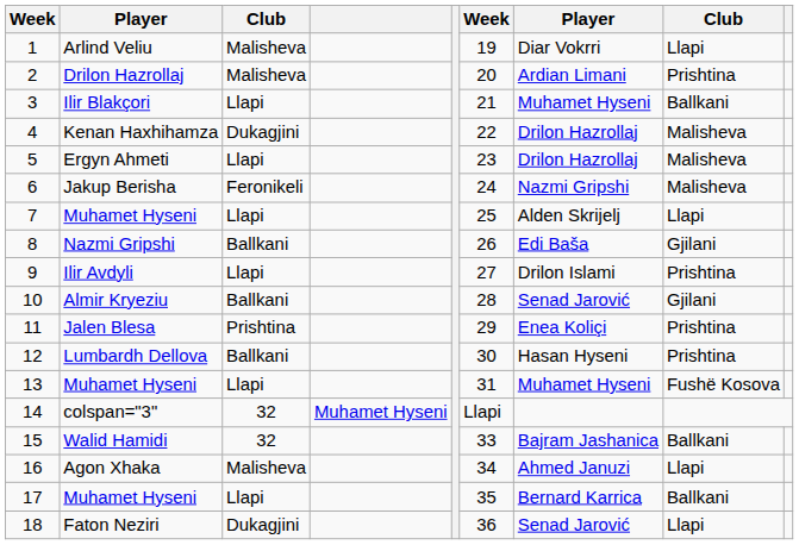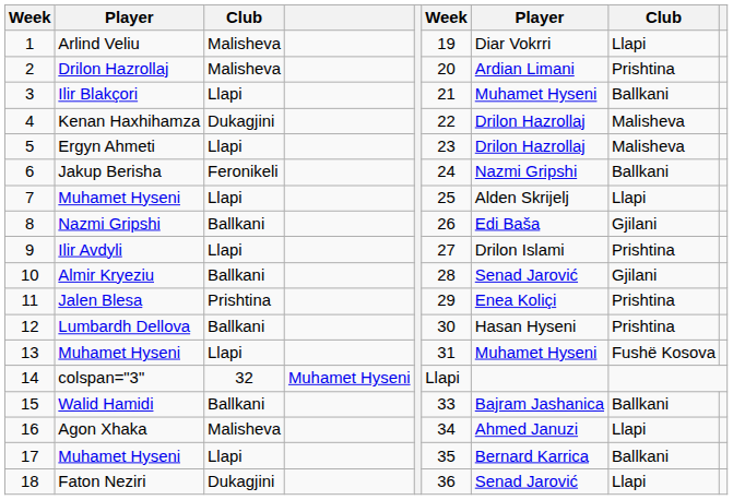 <table class="wikitable">
 <tr>
 <th>Week</th>
 <th>Player</th>
 <th>Club</th>
 <th></th>
 <th rowspan="19"></th>
 <th>Week</th>
 <th>Player</th>
 <th>Club</th>
 <th></th>
 </tr>
 <tr>
 <td align="center">1</td>
 <td> Arlind Veliu</td>
 <td>Malisheva</td>
 <td align="center"></td>
 <td align="center">19</td>
 <td> Diar Vokrri</td>
 <td>Llapi</td>
 <td align="center"></td>
 </tr>
 <tr>
 <td align="center">2</td>
 <td> <a href='#'>Drilon Hazrollaj</a></td>
 <td>Malisheva</td>
 <td align="center"></td>
 <td align="center">20</td>
 <td> <a href='#'>Ardian Limani</a></td>
 <td>Prishtina</td>
 <td align="center"></td>
 </tr>
 <tr>
 <td align="center">3</td>
 <td> <a href='#'>Ilir Blakçori</a></td>
 <td>Llapi</td>
 <td align="center"></td>
 <td align="center">21</td>
 <td> <a href='#'>Muhamet Hyseni</a></td>
 <td>Ballkani</td>
 <td align="center"></td>
 </tr>
 <tr>
 <td align="center">4</td>
 <td> Kenan Haxhihamza</td>
 <td>Dukagjini</td>
 <td align="center"></td>
 <td align="center">22</td>
 <td> <a href='#'>Drilon Hazrollaj</a></td>
 <td>Malisheva</td>
 <td align="center"></td>
 </tr>
 <tr>
 <td align="center">5</td>
 <td> Ergyn Ahmeti</td>
 <td>Llapi</td>
 <td align="center"></td>
 <td align="center">23</td>
 <td> <a href='#'>Drilon Hazrollaj</a></td>
 <td>Malisheva</td>
 <td align="center"></td>
 </tr>
 <tr>
 <td align="center">6</td>
 <td> Jakup Berisha</td>
 <td>Feronikeli</td>
 <td align="center"></td>
 <td align="center">24</td>
 <td> <a href='#'>Nazmi Gripshi</a></td>
-<td>Malisheva</td>
+<td>Ballkani</td>
 <td align="center"></td>
 </tr>
 <tr>
 <td align="center">7</td>
 <td> <a href='#'>Muhamet Hyseni</a></td>
 <td>Llapi</td>
 <td align="center"></td>
 <td align="center">25</td>
 <td> Alden Skrijelj</td>
 <td>Llapi</td>
 <td align="center"></td>
 </tr>
 <tr>
 <td align="center">8</td>
 <td> <a href='#'>Nazmi Gripshi</a></td>
 <td>Ballkani</td>
 <td align="center"></td>
 <td align="center">26</td>
 <td> <a href='#'>Edi Baša</a></td>
 <td>Gjilani</td>
 <td align="center"></td>
 </tr>
 <tr>
 <td align="center">9</td>
 <td> <a href='#'>Ilir Avdyli</a></td>
 <td>Llapi</td>
 <td align="center"></td>
 <td align="center">27</td>
 <td> Drilon Islami</td>
 <td>Prishtina</td>
 <td align="center"></td>
 </tr>
 <tr>
 <td align="center">10</td>
 <td> <a href='#'>Almir Kryeziu</a></td>
 <td>Ballkani</td>
 <td align="center"></td>
 <td align="center">28</td>
 <td> <a href='#'>Senad Jarović</a></td>
 <td>Gjilani</td>
 <td align="center"></td>
 </tr>
 <tr>
 <td align="center">11</td>
 <td> <a href='#'>Jalen Blesa</a></td>
 <td>Prishtina</td>
 <td align="center"></td>
 <td align="center">29</td>
 <td> <a href='#'>Enea Koliçi</a></td>
 <td>Prishtina</td>
 <td align="center"></td>
 </tr>
 <tr>
 <td align="center">12</td>
 <td> <a href='#'>Lumbardh Dellova</a></td>
 <td>Ballkani</td>
 <td align="center"></td>
 <td align="center">30</td>
 <td> Hasan Hyseni</td>
 <td>Prishtina</td>
 <td align="center"></td>
 </tr>
 <tr>
 <td align="center">13</td>
 <td> <a href='#'>Muhamet Hyseni</a></td>
 <td>Llapi</td>
 <td align="center"></td>
 <td align="center">31</td>
 <td> <a href='#'>Muhamet Hyseni</a></td>
 <td>Fushë Kosova</td>
 <td align="center"></td>
 </tr>
 <tr>
 <td align="center">14</td>
 <td>colspan="3" </td>
 <td align="center">32</td>
 <td> <a href='#'>Muhamet Hyseni</a></td>
 <td>Llapi</td>
 <td align="center"></td>
 </tr>
 <tr>
 <td align="center">15</td>
 <td> <a href='#'>Walid Hamidi</a></td>
-<td align="center">32</td>
+<td>Ballkani</td>
 <td align="center"></td>
 <td align="center">33</td>
 <td> <a href='#'>Bajram Jashanica</a></td>
 <td>Ballkani</td>
 <td align="center"></td>
 </tr>
 <tr>
 <td align="center">16</td>
 <td> Agon Xhaka</td>
 <td>Malisheva</td>
 <td align="center"></td>
 <td align="center">34</td>
 <td> <a href='#'>Ahmed Januzi</a></td>
 <td>Llapi</td>
 <td align="center"></td>
 </tr>
 <tr>
 <td align="center">17</td>
 <td> <a href='#'>Muhamet Hyseni</a></td>
 <td>Llapi</td>
 <td align="center"></td>
 <td align="center">35</td>
 <td> <a href='#'>Bernard Karrica</a></td>
 <td>Ballkani</td>
 <td align="center"></td>
 </tr>
 <tr>
 <td align="center">18</td>
 <td> Faton Neziri</td>
 <td>Dukagjini</td>
 <td align="center"></td>
 <td align="center">36</td>
 <td> <a href='#'>Senad Jarović</a></td>
 <td>Llapi</td>
 <td align="center"></td>
 </tr>
 </table>
